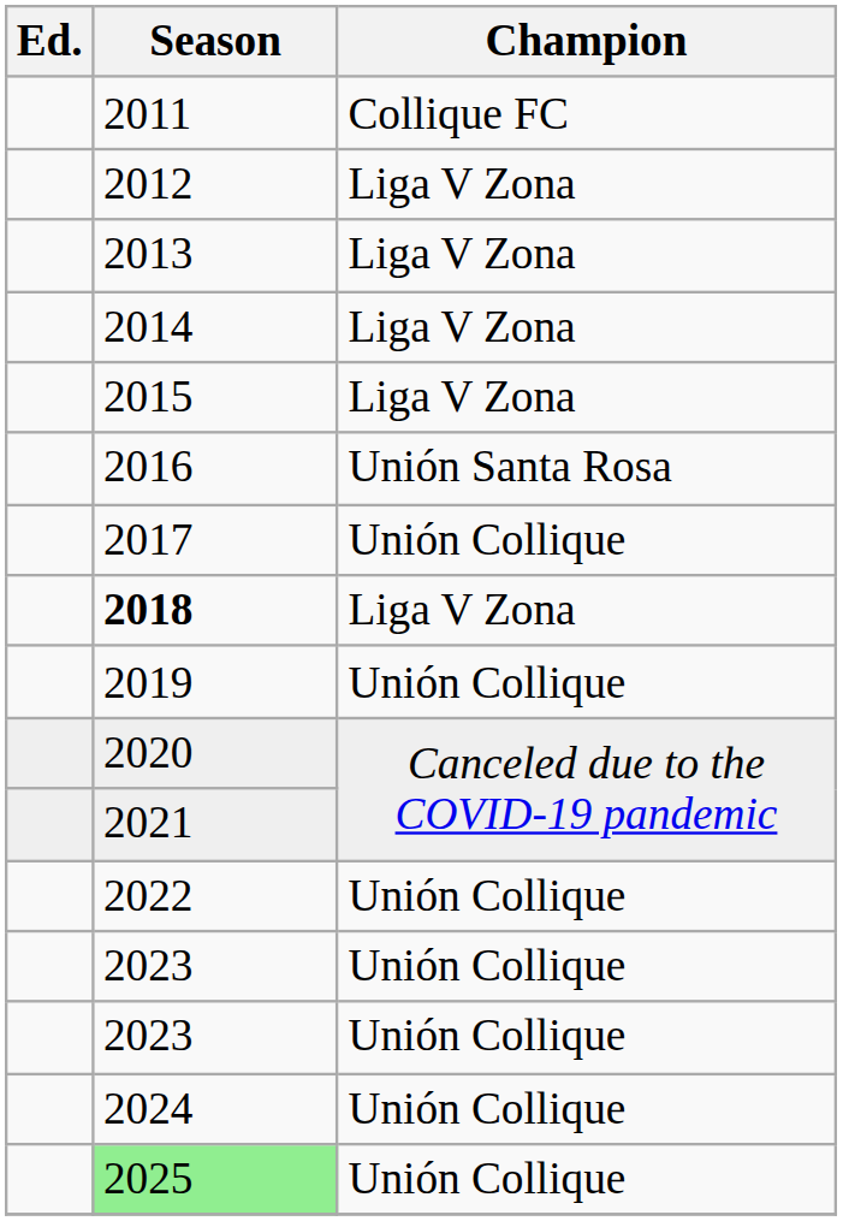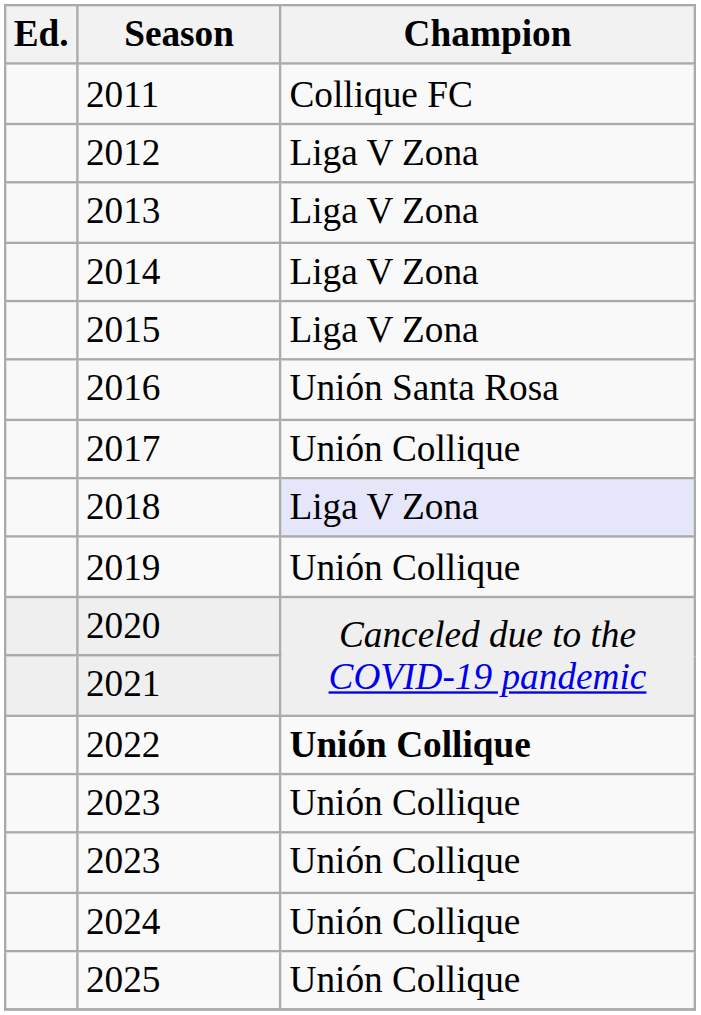 <table class="wikitable sortable">
 <tr>
 <th width=px>Ed.</th>
 <th width=80px>Season</th>
 <th width=170px>Champion</th>
 </tr>
 <tr>
 <td></td>
 <td>2011</td>
 <td>Collique FC</td>
 </tr>
 <tr>
 <td></td>
 <td>2012</td>
 <td>Liga V Zona</td>
 </tr>
 <tr>
 <td></td>
 <td>2013</td>
 <td>Liga V Zona</td>
 </tr>
 <tr>
 <td></td>
 <td>2014</td>
 <td>Liga V Zona</td>
 </tr>
 <tr>
 <td></td>
 <td>2015</td>
 <td>Liga V Zona</td>
 </tr>
 <tr>
 <td></td>
 <td>2016</td>
 <td>Unión Santa Rosa</td>
 </tr>
 <tr>
 <td></td>
 <td>2017</td>
 <td>Unión Collique</td>
 </tr>
 <tr>
 <td></td>
-<td><strong>2018</strong></td>
-<td>Liga V Zona</td>
+<td>2018</td>
+<td style="background: lavender;">Liga V Zona</td>
 </tr>
 <tr>
 <td></td>
 <td>2019</td>
 <td>Unión Collique</td>
 </tr>
 <tr bgcolor=#efefef>
 <td></td>
 <td>2020</td>
 <td rowspan=2 colspan="1" align=center><em>Canceled due to the <a href='#'>COVID-19 pandemic</a></em></td>
 </tr>
 <tr bgcolor=#efefef>
 <td></td>
 <td>2021</td>
 </tr>
 <tr>
 <td></td>
 <td>2022</td>
-<td>Unión Collique</td>
+<td><strong>Unión Collique</strong></td>
 </tr>
 <tr>
 <td></td>
 <td>2023</td>
 <td>Unión Collique</td>
 </tr>
 <tr>
 <td></td>
 <td>2023</td>
 <td>Unión Collique</td>
 </tr>
 <tr>
 <td></td>
 <td>2024</td>
 <td>Unión Collique</td>
 </tr>
 <tr>
 <td></td>
-<td style="background: lightgreen;">2025</td>
+<td>2025</td>
 <td>Unión Collique</td>
 </tr>
 <tr>
 </tr>
 </table>
